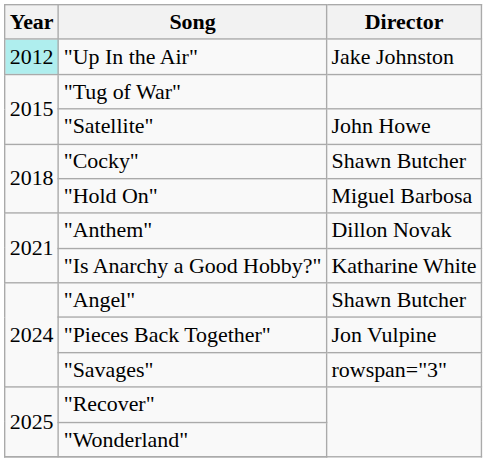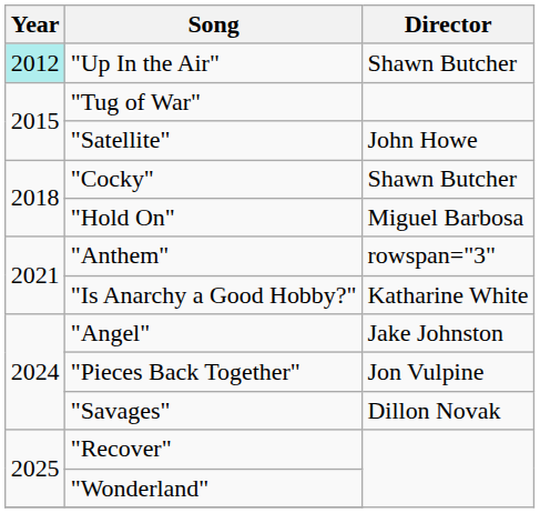 <table class="wikitable">
 <tr>
 <th>Year</th>
 <th>Song</th>
 <th>Director</th>
 </tr>
 <tr>
 <td style="background: paleturquoise;">2012</td>
 <td>"Up In the Air"</td>
-<td>Jake Johnston</td>
+<td>Shawn Butcher</td>
 </tr>
 <tr>
 <td rowspan="2">2015</td>
 <td>"Tug of War"</td>
 <td></td>
 </tr>
 <tr>
 <td>"Satellite"</td>
 <td>John Howe</td>
 </tr>
 <tr>
 <td rowspan="2">2018</td>
 <td>"Cocky"</td>
 <td>Shawn Butcher</td>
 </tr>
 <tr>
 <td>"Hold On"</td>
 <td>Miguel Barbosa</td>
 </tr>
 <tr>
 <td rowspan="2">2021</td>
 <td>"Anthem"</td>
-<td>Dillon Novak</td>
+<td>rowspan="3"</td>
 </tr>
 <tr>
 <td>"Is Anarchy a Good Hobby?"</td>
 <td>Katharine White</td>
 </tr>
 <tr>
 <td rowspan="3">2024</td>
 <td>"Angel"</td>
-<td>Shawn Butcher</td>
+<td>Jake Johnston</td>
 </tr>
 <tr>
 <td>"Pieces Back Together"</td>
 <td>Jon Vulpine</td>
 </tr>
 <tr>
 <td>"Savages"</td>
-<td>rowspan="3"</td>
+<td>Dillon Novak</td>
 </tr>
 <tr>
 <td rowspan="2">2025</td>
 <td>"Recover"</td>
 </tr>
 <tr>
 <td>"Wonderland"</td>
 </tr>
 <tr>
 </tr>
 </table>
